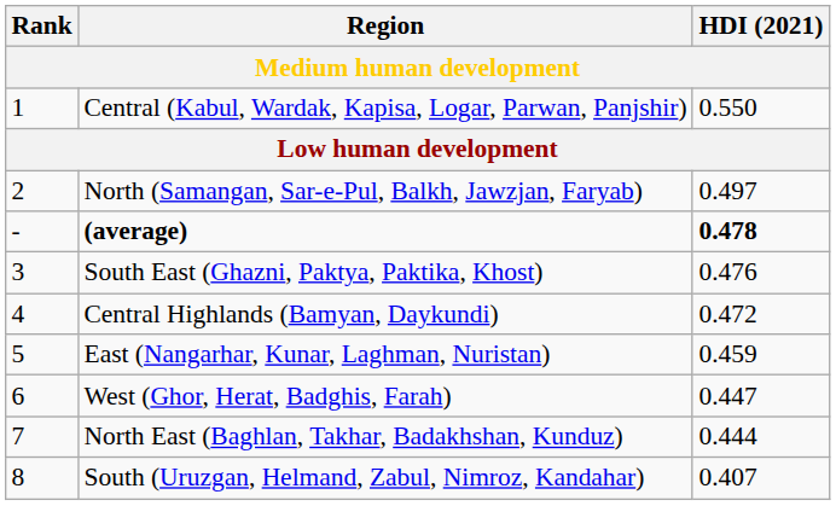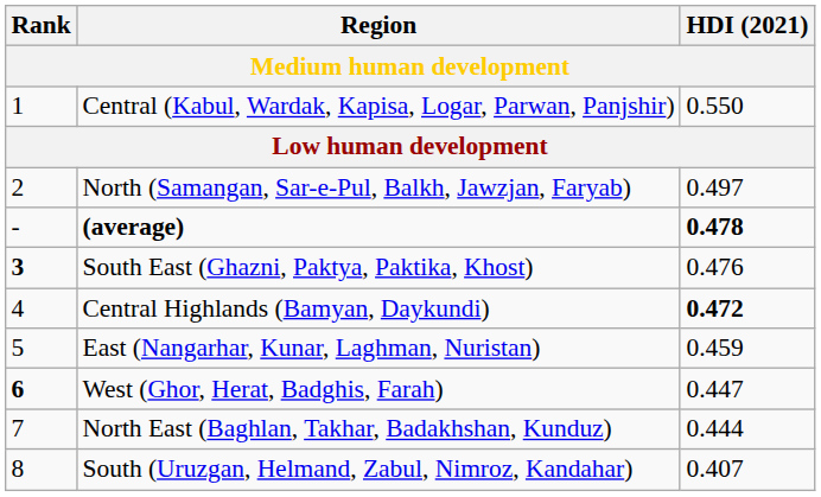 <table class="wikitable sortable">
 <tr>
 <th>Rank</th>
 <th>Region</th>
 <th>HDI (2021)</th>
 </tr>
 <tr>
 <th colspan="3" style="color:#fc0;">Medium human development</th>
 </tr>
 <tr>
 <td>1</td>
 <td>Central (<a href='#'>Kabul</a>, <a href='#'>Wardak</a>, <a href='#'>Kapisa</a>, <a href='#'>Logar</a>, <a href='#'>Parwan</a>, <a href='#'>Panjshir</a>)</td>
 <td>0.550</td>
 </tr>
 <tr>
 <th colspan="3" style="color:#900;">Low human development</th>
 </tr>
 <tr>
 <td>2</td>
 <td>North (<a href='#'>Samangan</a>, <a href='#'>Sar-e-Pul</a>, <a href='#'>Balkh</a>, <a href='#'>Jawzjan</a>, <a href='#'>Faryab</a>)</td>
 <td>0.497</td>
 </tr>
 <tr>
 <td>-</td>
 <td><strong></strong> <strong>(average)</strong></td>
 <td><strong>0.478</strong></td>
 </tr>
 <tr>
-<td>3</td>
+<td><strong>3</strong></td>
 <td>South East (<a href='#'>Ghazni</a>, <a href='#'>Paktya</a>, <a href='#'>Paktika</a>, <a href='#'>Khost</a>)</td>
 <td>0.476</td>
 </tr>
 <tr>
 <td>4</td>
 <td>Central Highlands (<a href='#'>Bamyan</a>, <a href='#'>Daykundi</a>)</td>
-<td>0.472</td>
+<td><strong>0.472</strong></td>
 </tr>
 <tr>
 <td>5</td>
 <td>East (<a href='#'>Nangarhar</a>, <a href='#'>Kunar</a>, <a href='#'>Laghman</a>, <a href='#'>Nuristan</a>)</td>
 <td>0.459</td>
 </tr>
 <tr>
-<td>6</td>
+<td><strong>6</strong></td>
 <td>West (<a href='#'>Ghor</a>, <a href='#'>Herat</a>, <a href='#'>Badghis</a>, <a href='#'>Farah</a>)</td>
 <td>0.447</td>
 </tr>
 <tr>
 <td>7</td>
 <td>North East (<a href='#'>Baghlan</a>, <a href='#'>Takhar</a>, <a href='#'>Badakhshan</a>, <a href='#'>Kunduz</a>)</td>
 <td>0.444</td>
 </tr>
 <tr>
 <td>8</td>
 <td>South (<a href='#'>Uruzgan</a>, <a href='#'>Helmand</a>, <a href='#'>Zabul</a>, <a href='#'>Nimroz</a>, <a href='#'>Kandahar</a>)</td>
 <td>0.407</td>
 </tr>
 </table>
